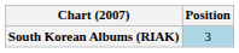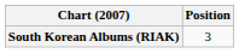 <table class="wikitable plainrowheaders">
 <tr>
 <th>Chart (2007)</th>
 <th>Position</th>
 </tr>
 <tr>
 <th scope="row">South Korean Albums (RIAK)</th>
-<td style="background: lightblue; text-align:center;">3</td>
+<td style="text-align:center;">3</td>
 </tr>
 </table>
